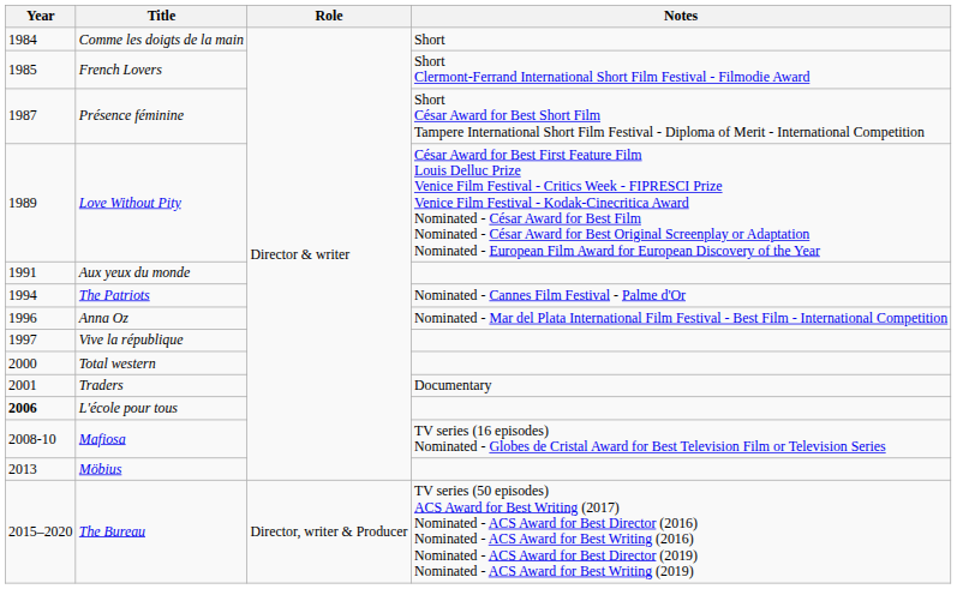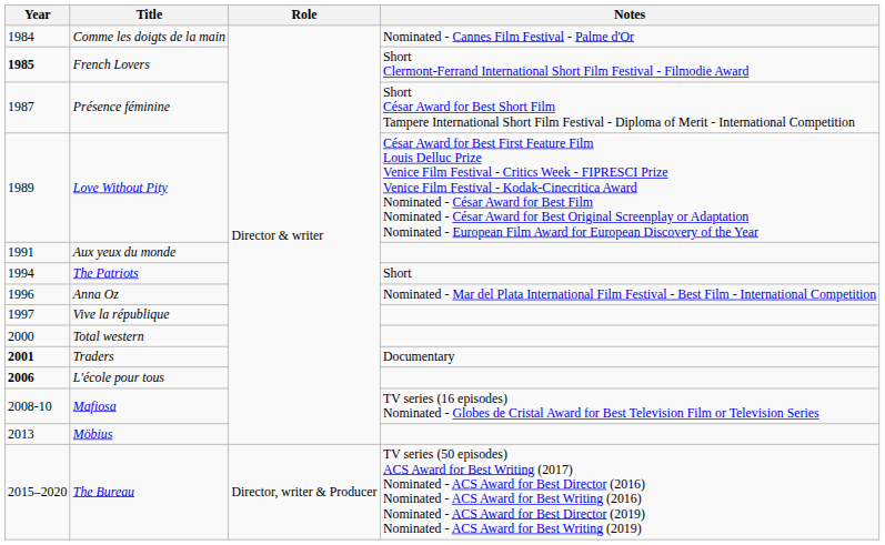 <table class="wikitable sortable">
 <tr>
 <th>Year</th>
 <th>Title</th>
 <th>Role</th>
 <th class="unsortable">Notes</th>
 </tr>
 <tr>
 <td>1984</td>
 <td><em>Comme les doigts de la main</em></td>
 <td rowspan=13>Director & writer</td>
-<td>Short</td>
+<td>Nominated - <a href='#'>Cannes Film Festival</a> - <a href='#'>Palme d'Or</a></td>
 </tr>
 <tr>
-<td>1985</td>
+<td><strong>1985</strong></td>
 <td><em>French Lovers</em></td>
 <td>Short<br><a href='#'>Clermont-Ferrand International Short Film Festival - Filmodie Award</a></td>
 </tr>
 <tr>
 <td>1987</td>
 <td><em>Présence féminine</em></td>
 <td>Short<br><a href='#'>César Award for Best Short Film</a><br>Tampere International Short Film Festival - Diploma of Merit - International Competition</td>
 </tr>
 <tr>
 <td>1989</td>
 <td><em><a href='#'>Love Without Pity</a></em></td>
 <td><a href='#'>César Award for Best First Feature Film</a><br><a href='#'>Louis Delluc Prize</a><br><a href='#'>Venice Film Festival - Critics Week - FIPRESCI Prize</a><br><a href='#'>Venice Film Festival - Kodak-Cinecritica Award</a><br>Nominated - <a href='#'>César Award for Best Film</a><br>Nominated - <a href='#'>César Award for Best Original Screenplay or Adaptation</a><br>Nominated - <a href='#'>European Film Award for European Discovery of the Year</a></td>
 </tr>
 <tr>
 <td>1991</td>
 <td><em>Aux yeux du monde</em></td>
 <td></td>
 </tr>
 <tr>
 <td>1994</td>
 <td><em><a href='#'>The Patriots</a></em></td>
-<td>Nominated - <a href='#'>Cannes Film Festival</a> - <a href='#'>Palme d'Or</a></td>
+<td>Short</td>
 </tr>
 <tr>
 <td>1996</td>
 <td><em>Anna Oz</em></td>
 <td>Nominated - <a href='#'>Mar del Plata International Film Festival - Best Film - International Competition</a></td>
 </tr>
 <tr>
 <td>1997</td>
 <td><em>Vive la république</em></td>
 <td></td>
 </tr>
 <tr>
 <td>2000</td>
 <td><em>Total western</em></td>
 <td></td>
 </tr>
 <tr>
-<td>2001</td>
+<td><strong>2001</strong></td>
 <td><em>Traders</em></td>
 <td>Documentary</td>
 </tr>
 <tr>
 <td><strong>2006</strong></td>
 <td><em>L'école pour tous</em></td>
 <td></td>
 </tr>
 <tr>
 <td>2008-10</td>
 <td><em><a href='#'>Mafiosa</a></em></td>
 <td>TV series (16 episodes)<br>Nominated - <a href='#'>Globes de Cristal Award for Best Television Film or Television Series</a></td>
 </tr>
 <tr>
 <td>2013</td>
 <td><em><a href='#'>Möbius</a></em></td>
 <td></td>
 </tr>
 <tr>
 <td>2015–2020</td>
 <td><em><a href='#'>The Bureau</a></em></td>
 <td>Director, writer & Producer</td>
 <td>TV series (50 episodes)<br><a href='#'>ACS Award for Best Writing</a> (2017)<br>Nominated - <a href='#'>ACS Award for Best Director</a> (2016)<br>Nominated - <a href='#'>ACS Award for Best Writing</a> (2016)<br>Nominated - <a href='#'>ACS Award for Best Director</a> (2019)<br>Nominated - <a href='#'>ACS Award for Best Writing</a> (2019)</td>
 </tr>
 </table>
